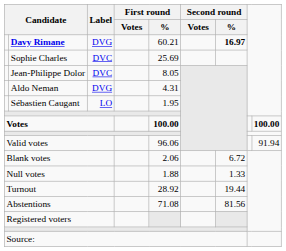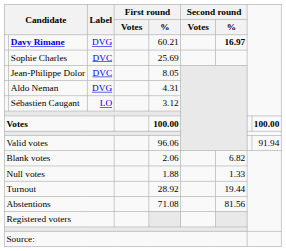 <table class="wikitable" style="text-align:right;font-size:95%;">
 <tr>
 <th rowspan="2" colspan="2">Candidate</th>
 <th rowspan="2">Label</th>
 <th colspan="2">First round</th>
 <th colspan="2">Second round</th>
 </tr>
 <tr>
 <th style="width:50px;">Votes</th>
 <th style="width:45px;">%</th>
 <th style="width:50px;">Votes</th>
 <th style="width:45px;">%</th>
 </tr>
 <tr>
 <td style="color:inherit;background:"></td>
 <td style="text-align:left;"><strong><a href='#'>Davy Rimane</a></strong></td>
 <td><a href='#'>DVG</a></td>
 <td></td>
 <td>60.21</td>
 <td><strong></strong></td>
 <td><strong>16.97</strong></td>
 </tr>
 <tr>
 <td style="color:inherit;background:"></td>
 <td style="text-align:left;">Sophie Charles</td>
 <td><a href='#'>DVC</a></td>
 <td></td>
 <td>25.69</td>
 <td></td>
 <td></td>
 </tr>
 <tr>
 <td style="color:inherit;background:"></td>
 <td style="text-align:left;">Jean-Philippe Dolor</td>
 <td><a href='#'>DVC</a></td>
 <td></td>
 <td>8.05</td>
 <td colspan="2" rowspan="7" style="background:#E9E9E9;"></td>
 </tr>
 <tr>
 <td style="color:inherit;background:"></td>
 <td style="text-align:left;">Aldo Neman</td>
 <td><a href='#'>DVG</a></td>
 <td></td>
 <td>4.31</td>
 </tr>
 <tr>
 <td style="color:inherit;background:"></td>
 <td style="text-align:left;">Sébastien Caugant</td>
 <td><a href='#'>LO</a></td>
 <td></td>
-<td>1.95</td>
+<td>3.12</td>
 </tr>
 <tr>
 <td colspan="7" style="background:#E9E9E9;"></td>
 </tr>
 <tr style="font-weight:bold;">
 <td colspan="3" style="text-align:left;">Votes</td>
 <td></td>
 <td>100.00</td>
 <td></td>
 <td>100.00</td>
 </tr>
 <tr>
 <td colspan="7" style="background:#E9E9E9;"></td>
 </tr>
 <tr>
 <td colspan="3" style="text-align:left;">Valid votes</td>
 <td></td>
 <td>96.06</td>
 <td></td>
 <td>91.94</td>
 </tr>
 <tr>
 <td colspan="3" style="text-align:left;">Blank votes</td>
 <td></td>
 <td>2.06</td>
 <td></td>
-<td>6.72</td>
+<td>6.82</td>
 </tr>
 <tr>
 <td colspan="3" style="text-align:left;">Null votes</td>
 <td></td>
 <td>1.88</td>
 <td></td>
 <td>1.33</td>
 </tr>
 <tr>
 <td colspan="3" style="text-align:left;">Turnout</td>
 <td></td>
 <td>28.92</td>
 <td></td>
 <td>19.44</td>
 </tr>
 <tr>
 <td colspan="3" style="text-align:left;">Abstentions</td>
 <td></td>
 <td>71.08</td>
 <td></td>
 <td>81.56</td>
 </tr>
 <tr>
 <td colspan="3" style="text-align:left;">Registered voters</td>
 <td></td>
 <td style="color:inherit;background:#E9E9E9;"></td>
 <td></td>
 <td style="color:inherit;background:#E9E9E9;"></td>
 </tr>
 <tr>
 <td colspan="7" style="background:#E9E9E9;"></td>
 </tr>
 <tr>
 <td colspan="7" style="text-align:left;">Source: </td>
 <td colspan="6" style="background-color:"></td>
 </tr>
 </table>
